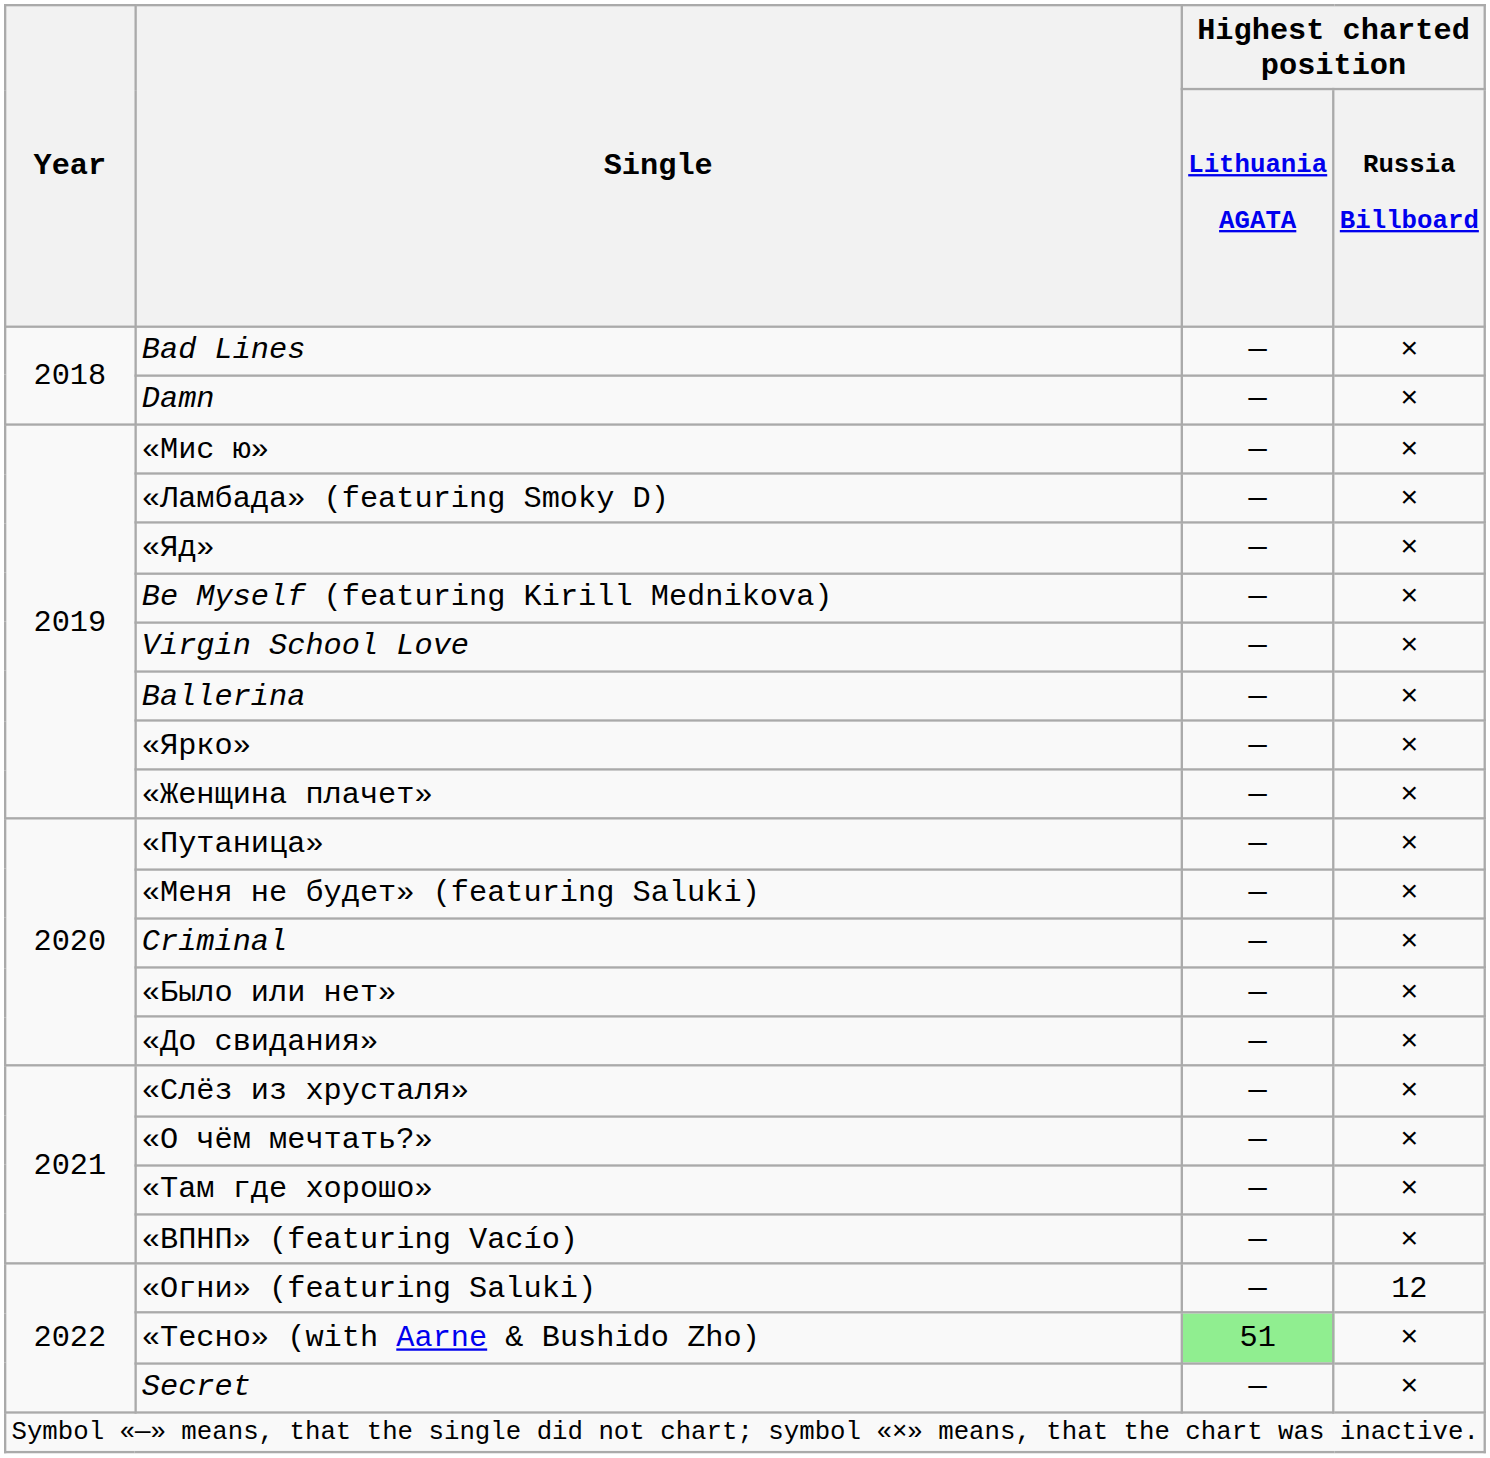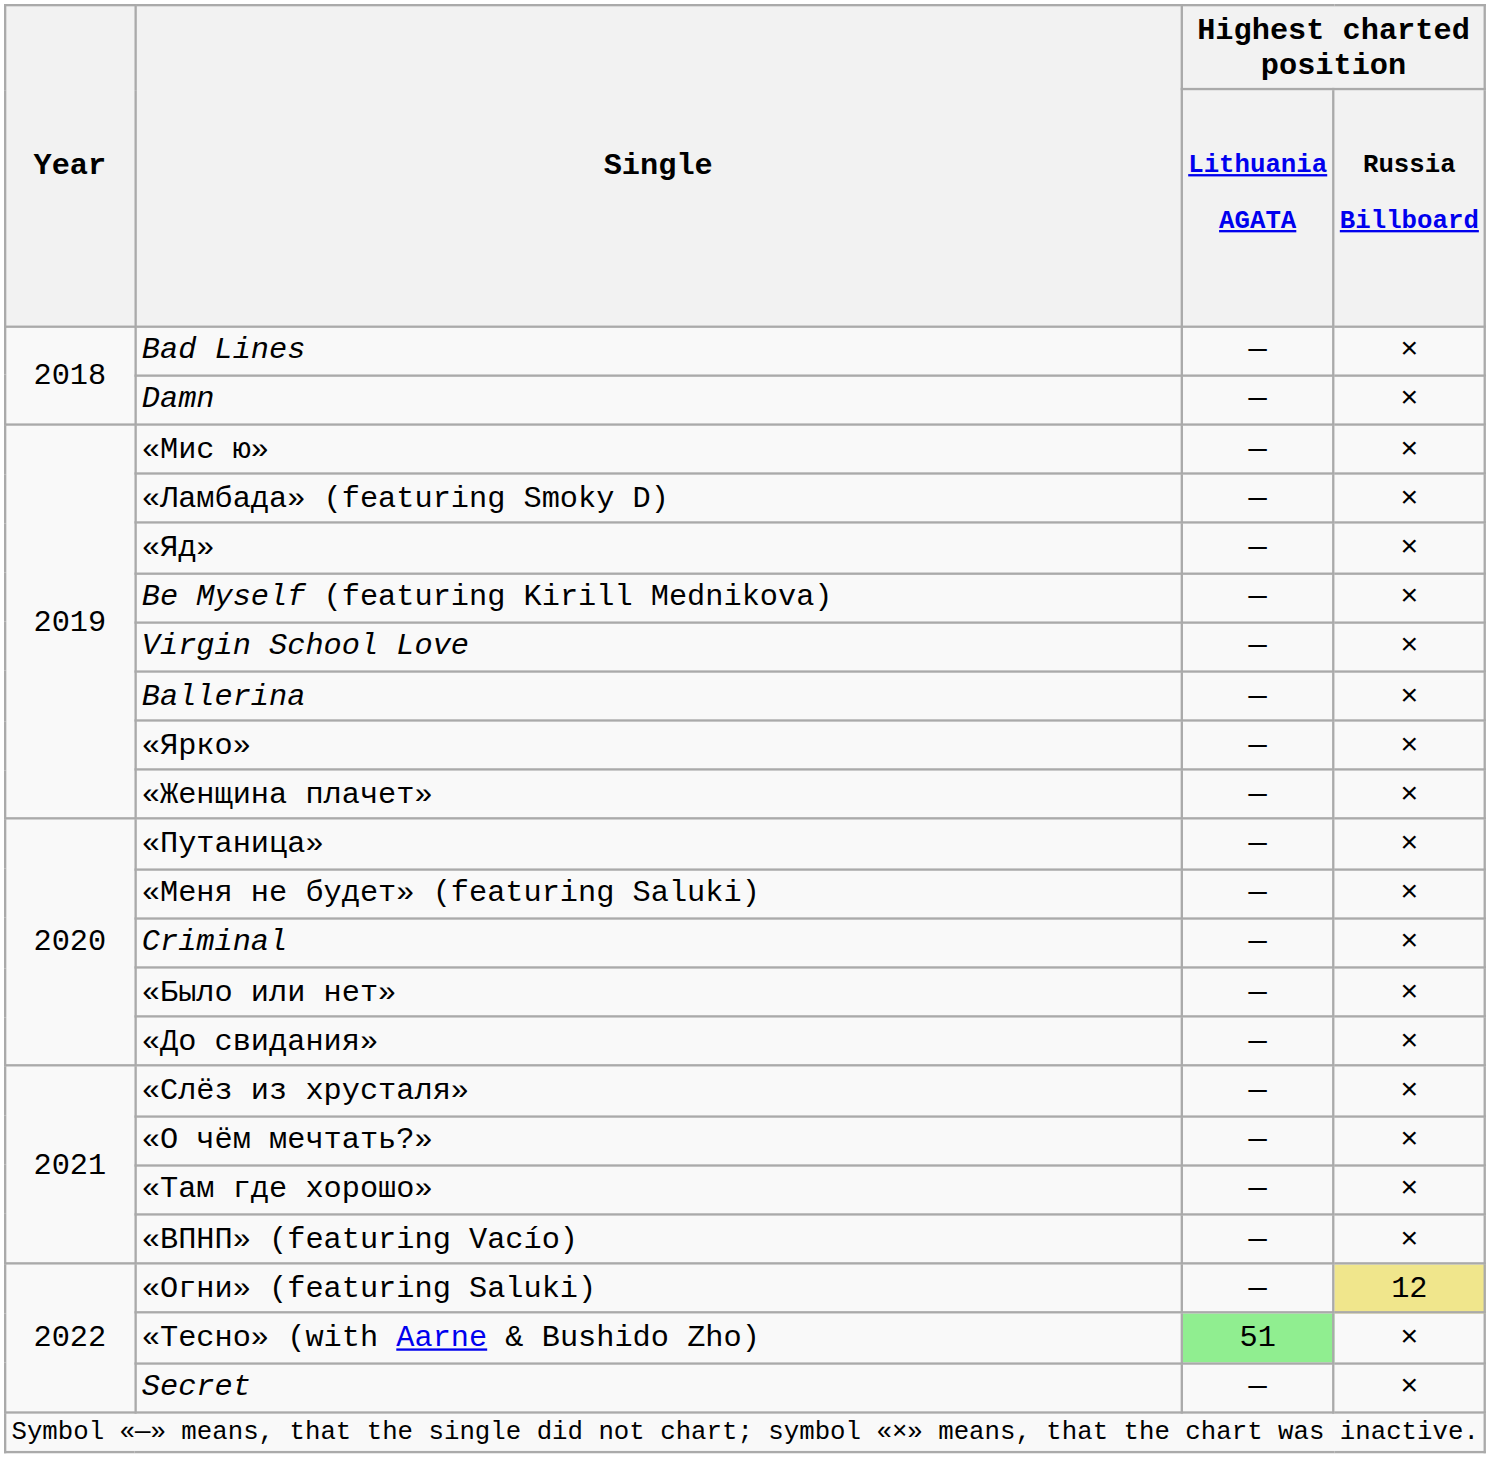 <table class="wikitable" style="text-align:center">
 <tr>
 <th rowspan="2">Year</th>
 <th rowspan="2">Single</th>
 <th colspan="2">Highest charted position</th>
 </tr>
 <tr>
 <th scope="col" style="width:3em; font-size:85%;"><br><br><a href='#'>Lithuania</a><br><br><a href='#'>AGATA</a><br><br> <br><br></th>
 <th scope="col" style="width:3em; font-size:85%;"><br><br>Russia<br><br><a href='#'>Billboard</a><br><br> <br><br></th>
 </tr>
 <tr>
 <td rowspan="2">2018</td>
 <td style="text-align:left"><em>Bad Lines</em></td>
 <td>—</td>
 <td>×</td>
 </tr>
 <tr>
 <td style="text-align:left"><em>Damn</em></td>
 <td>—</td>
 <td>×</td>
 </tr>
 <tr>
 <td rowspan="8">2019</td>
 <td style="text-align:left">«Мис ю»</td>
 <td>—</td>
 <td>×</td>
 </tr>
 <tr>
 <td style="text-align:left">«Ламбада» (featuring Smoky D)</td>
 <td>—</td>
 <td>×</td>
 </tr>
 <tr>
 <td style="text-align:left">«Яд»</td>
 <td>—</td>
 <td>×</td>
 </tr>
 <tr>
 <td style="text-align:left"><em>Be Myself</em> (featuring Kirill Mednikova)</td>
 <td>—</td>
 <td>×</td>
 </tr>
 <tr>
 <td style="text-align:left"><em>Virgin School Love</em></td>
 <td>—</td>
 <td>×</td>
 </tr>
 <tr>
 <td style="text-align:left"><em>Ballerina</em></td>
 <td>—</td>
 <td>×</td>
 </tr>
 <tr>
 <td style="text-align:left">«Ярко»</td>
 <td>—</td>
 <td>×</td>
 </tr>
 <tr>
 <td style="text-align:left">«Женщина плачет»</td>
 <td>—</td>
 <td>×</td>
 </tr>
 <tr>
 <td rowspan="5">2020</td>
 <td style="text-align:left">«Путаница»</td>
 <td>—</td>
 <td>×</td>
 </tr>
 <tr>
 <td style="text-align:left">«Меня не будет» (featuring Saluki)</td>
 <td>—</td>
 <td>×</td>
 </tr>
 <tr>
 <td style="text-align:left"><em>Criminal</em></td>
 <td>—</td>
 <td>×</td>
 </tr>
 <tr>
 <td style="text-align:left">«Было или нет»</td>
 <td>—</td>
 <td>×</td>
 </tr>
 <tr>
 <td style="text-align:left">«До свидания»</td>
 <td>—</td>
 <td>×</td>
 </tr>
 <tr>
 <td rowspan="4">2021</td>
 <td style="text-align:left">«Слёз из хрусталя»</td>
 <td>—</td>
 <td>×</td>
 </tr>
 <tr>
 <td style="text-align:left">«О чём мечтать?»</td>
 <td>—</td>
 <td>×</td>
 </tr>
 <tr>
 <td style="text-align:left">«Там где хорошо»</td>
 <td>—</td>
 <td>×</td>
 </tr>
 <tr>
 <td style="text-align:left">«ВПНП» (featuring Vacío)</td>
 <td>—</td>
 <td>×</td>
 </tr>
 <tr>
 <td rowspan="3">2022</td>
 <td style="text-align:left">«Огни» (featuring Saluki)</td>
 <td>—</td>
-<td>12</td>
+<td style="background: khaki;">12</td>
 </tr>
 <tr>
 <td style="text-align:left">«Тесно» (with <a href='#'>Aarne</a> & Bushido Zho)</td>
 <td style="background: lightgreen;">51</td>
 <td>×</td>
 </tr>
 <tr>
 <td style="text-align:left"><em>Secret</em></td>
 <td>—</td>
 <td>×</td>
 </tr>
 <tr>
 <td colspan="5" style="font-size:85%;">Symbol «—» means, that the single did not chart; symbol «×» means, that the chart was inactive.</td>
 </tr>
 </table>
